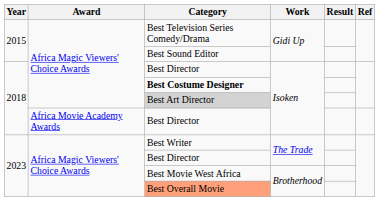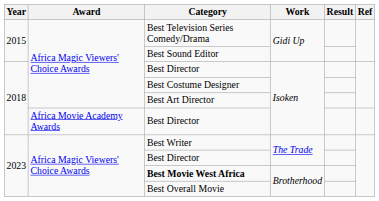 <table class="wikitable">
 <tr>
 <th>Year</th>
 <th>Award</th>
 <th>Category</th>
 <th>Work</th>
 <th>Result</th>
 <th>Ref</th>
 </tr>
 <tr>
 <td rowspan="2">2015</td>
 <td rowspan="5"><a href='#'>Africa Magic Viewers' Choice Awards</a></td>
 <td>Best Television Series Comedy/Drama</td>
 <td rowspan="2"><em>Gidi Up</em></td>
 <td></td>
 <td rowspan="2"></td>
 </tr>
 <tr>
 <td>Best Sound Editor</td>
 <td></td>
 </tr>
 <tr>
 <td rowspan="4">2018</td>
 <td>Best Director</td>
 <td rowspan="4"><em>Isoken</em></td>
 <td></td>
 <td rowspan="3"></td>
 </tr>
 <tr>
-<td><strong>Best Costume Designer</strong></td>
+<td>Best Costume Designer</td>
 <td></td>
 </tr>
 <tr>
-<td style="background: lightgrey;">Best Art Director</td>
+<td>Best Art Director</td>
 <td></td>
 </tr>
 <tr>
 <td><a href='#'>Africa Movie Academy Awards</a></td>
 <td>Best Director</td>
 <td></td>
 <td></td>
 </tr>
 <tr>
 <td rowspan="4">2023</td>
 <td rowspan="4"><a href='#'>Africa Magic Viewers' Choice Awards</a></td>
 <td>Best Writer</td>
 <td rowspan="2"><em><a href='#'>The Trade</a></em></td>
 <td></td>
 <td rowspan="4"></td>
 </tr>
 <tr>
 <td>Best Director</td>
 <td></td>
 </tr>
 <tr>
-<td>Best Movie West Africa</td>
+<td><strong>Best Movie West Africa</strong></td>
 <td rowspan="2"><em>Brotherhood</em></td>
 <td></td>
 </tr>
 <tr>
-<td style="background: lightsalmon;">Best Overall Movie</td>
+<td>Best Overall Movie</td>
 <td></td>
 </tr>
 </table>
